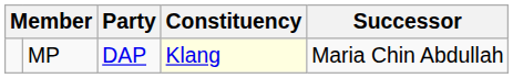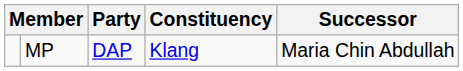 <table class="sortable wikitable">
 <tr>
 <th colspan="2" valign="top">Member</th>
 <th valign="top">Party</th>
 <th valign="top">Constituency</th>
 <th class="unsortable" valign="top">Successor</th>
 </tr>
 <tr>
 <td></td>
 <td> MP</td>
 <td><a href='#'>DAP</a></td>
-<td style="background: lightyellow;"><a href='#'>Klang</a></td>
+<td><a href='#'>Klang</a></td>
 <td>Maria Chin Abdullah</td>
 </tr>
 </table>
